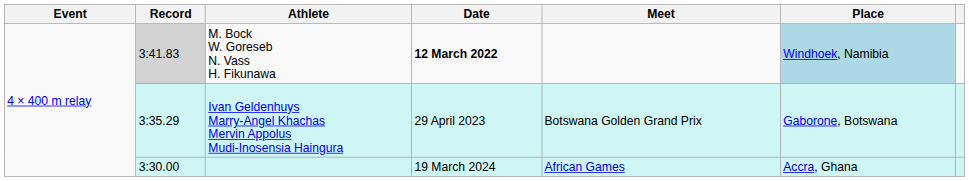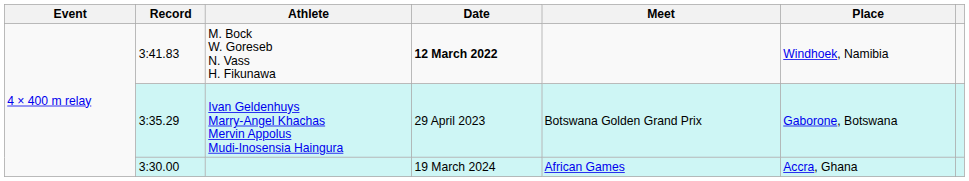 <table class="wikitable" style="font-size: 95%; width: 95%;">
 <tr>
 <th>Event</th>
 <th>Record</th>
 <th>Athlete</th>
 <th>Date</th>
 <th>Meet</th>
 <th>Place</th>
 <th></th>
 </tr>
 <tr>
 <td rowspan=3><a href='#'>4 × 400 m relay</a></td>
-<td style="background: lightgrey;">3:41.83 </td>
+<td>3:41.83 </td>
 <td>M. Bock<br>W. Goreseb<br>N. Vass<br>H. Fikunawa</td>
 <td><strong>12 March 2022</strong></td>
 <td></td>
-<td style="background: lightblue;"><a href='#'>Windhoek</a>, Namibia</td>
+<td><a href='#'>Windhoek</a>, Namibia</td>
 <td></td>
 </tr>
 <tr bgcolor="#CEF6F5">
 <td>3:35.29</td>
 <td><br><a href='#'>Ivan Geldenhuys</a><br><a href='#'>Marry-Angel Khachas</a><br><a href='#'>Mervin Appolus</a><br><a href='#'>Mudi-Inosensia Haingura</a></td>
 <td>29 April 2023</td>
 <td>Botswana Golden Grand Prix</td>
 <td><a href='#'>Gaborone</a>, Botswana</td>
 <td></td>
 </tr>
 <tr bgcolor=#CEF6F5>
 <td>3:30.00</td>
 <td></td>
 <td>19 March 2024</td>
 <td><a href='#'>African Games</a></td>
 <td><a href='#'>Accra</a>, Ghana</td>
 <td></td>
 </tr>
 </table>
